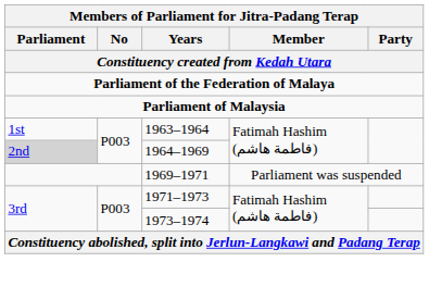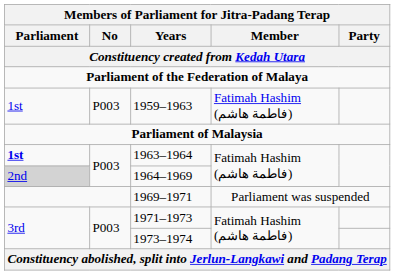 <table class=wikitable>
 <tr>
 <th colspan="5">Members of Parliament for Jitra-Padang Terap</th>
 </tr>
 <tr>
 <th>Parliament</th>
 <th>No</th>
 <th>Years</th>
 <th>Member</th>
 <th>Party</th>
 </tr>
 <tr>
 <th colspan="5" align="center"><em>Constituency created from <a href='#'>Kedah Utara</a></em></th>
 </tr>
 <tr>
 <td colspan="5" align="center"><strong>Parliament of the Federation of Malaya</strong></td>
 </tr>
 <tr>
+<td><a href='#'>1st</a></td>
+<td>P003</td>
+<td>1959–1963</td>
+<td><a href='#'>Fatimah Hashim</a>  <br> (فاطمة هاشم)</td>
+<td></td>
+</tr>
+<tr>
 <td colspan="5" align="center"><strong>Parliament of Malaysia</strong></td>
 </tr>
 <tr>
-<td><a href='#'>1st</a></td>
+<td><strong><a href='#'>1st</a></strong></td>
 <td rowspan="2">P003</td>
 <td>1963–1964</td>
 <td rowspan="2">Fatimah Hashim  <br> (فاطمة هاشم)</td>
 <td rowspan=2></td>
 </tr>
 <tr>
 <td style="background: lightgrey;"><a href='#'>2nd</a></td>
 <td>1964–1969</td>
 </tr>
 <tr>
 <td colspan="2"></td>
 <td>1969–1971</td>
 <td colspan="2" align="center">Parliament was suspended</td>
 </tr>
 <tr>
 <td rowspan=2><a href='#'>3rd</a></td>
 <td rowspan="2">P003</td>
 <td>1971–1973</td>
 <td rowspan="2">Fatimah Hashim <br>  (فاطمة هاشم)</td>
 <td></td>
 </tr>
 <tr>
 <td>1973–1974</td>
 <td></td>
 </tr>
 <tr>
 <th colspan="5" align="center"><em>Constituency abolished, split into <a href='#'>Jerlun-Langkawi</a> and <a href='#'>Padang Terap</a></em></th>
 </tr>
 </table>
